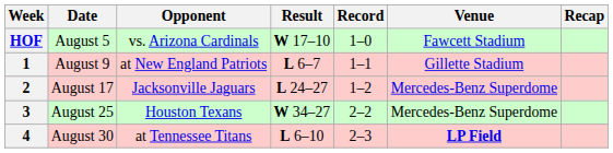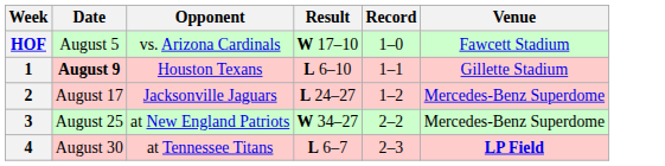 <table class="wikitable" style="text-align:center">
 <tr>
 <th>Week</th>
 <th>Date</th>
 <th>Opponent</th>
 <th>Result</th>
 <th>Record</th>
 <th>Venue</th>
-<th>Recap</th>
 </tr>
 <tr style="background:#cfc; text-align:center;">
 <th><a href='#'>HOF</a></th>
 <td>August 5</td>
 <td>vs. <a href='#'>Arizona Cardinals</a></td>
 <td><strong>W</strong> 17–10</td>
 <td>1–0</td>
 <td><a href='#'>Fawcett Stadium</a> </td>
-<td></td>
 </tr>
 <tr style="background:#fcc; text-align:center;">
 <th>1</th>
-<td>August 9</td>
-<td>at <a href='#'>New England Patriots</a></td>
-<td><strong>L</strong> 6–7</td>
+<td><strong>August 9</strong></td>
+<td><a href='#'>Houston Texans</a></td>
+<td><strong>L</strong> 6–10</td>
 <td>1–1</td>
 <td><a href='#'>Gillette Stadium</a></td>
-<td></td>
 </tr>
 <tr style="background:#fcc; text-align:center;">
 <th>2</th>
 <td>August 17</td>
 <td><a href='#'>Jacksonville Jaguars</a></td>
 <td><strong>L</strong> 24–27</td>
 <td>1–2</td>
 <td><a href='#'>Mercedes-Benz Superdome</a></td>
-<td></td>
 </tr>
 <tr style="background:#cfc; text-align:center;">
 <th>3</th>
 <td>August 25</td>
-<td><a href='#'>Houston Texans</a></td>
+<td>at <a href='#'>New England Patriots</a></td>
 <td><strong>W</strong> 34–27</td>
 <td>2–2</td>
 <td>Mercedes-Benz Superdome</td>
-<td></td>
 </tr>
 <tr style="background:#fcc; text-align:center;">
 <th>4</th>
 <td>August 30</td>
 <td>at <a href='#'>Tennessee Titans</a></td>
-<td><strong>L</strong> 6–10</td>
+<td><strong>L</strong> 6–7</td>
 <td>2–3</td>
 <td><strong><a href='#'>LP Field</a></strong></td>
-<td></td>
 </tr>
 </table>
